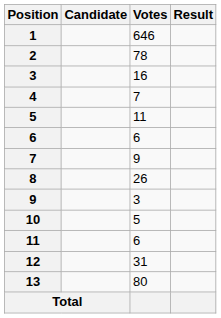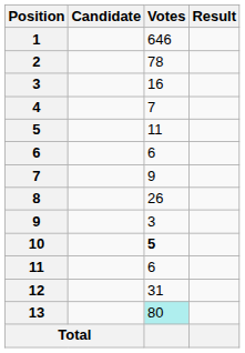 <table class="wikitable sortable col3right">
 <tr>
 <th scope="col">Position</th>
 <th scope="col">Candidate</th>
 <th scope="col">Votes</th>
 <th scope="col">Result</th>
 </tr>
 <tr>
 <th scope="row">1</th>
 <td></td>
 <td>646</td>
 <td></td>
 </tr>
 <tr>
 <th scope="row">2</th>
 <td></td>
 <td>78</td>
 <td></td>
 </tr>
 <tr>
 <th scope="row">3</th>
 <td></td>
 <td>16</td>
 <td></td>
 </tr>
 <tr>
 <th scope="row">4</th>
 <td></td>
 <td>7</td>
 <td></td>
 </tr>
 <tr>
 <th scope="row">5</th>
 <td></td>
 <td>11</td>
 <td></td>
 </tr>
 <tr>
 <th scope="row">6</th>
 <td></td>
 <td>6</td>
 <td></td>
 </tr>
 <tr>
 <th scope="row">7</th>
 <td></td>
 <td>9</td>
 <td></td>
 </tr>
 <tr>
 <th scope="row">8</th>
 <td></td>
 <td>26</td>
 <td></td>
 </tr>
 <tr>
 <th scope="row">9</th>
 <td></td>
 <td>3</td>
 <td></td>
 </tr>
 <tr>
 <th scope="row">10</th>
 <td></td>
-<td>5</td>
+<td><strong>5</strong></td>
 <td></td>
 </tr>
 <tr>
 <th scope="row">11</th>
 <td></td>
 <td>6</td>
 <td></td>
 </tr>
 <tr>
 <th scope="row">12</th>
 <td></td>
 <td>31</td>
 <td></td>
 </tr>
 <tr>
 <th scope="row">13</th>
 <td></td>
-<td>80</td>
+<td style="background: paleturquoise;">80</td>
 <td></td>
 </tr>
 <tr class="sortbottom">
 <th scope="row" colspan="2">Total</th>
 <th></th>
 <th></th>
 </tr>
 </table>
